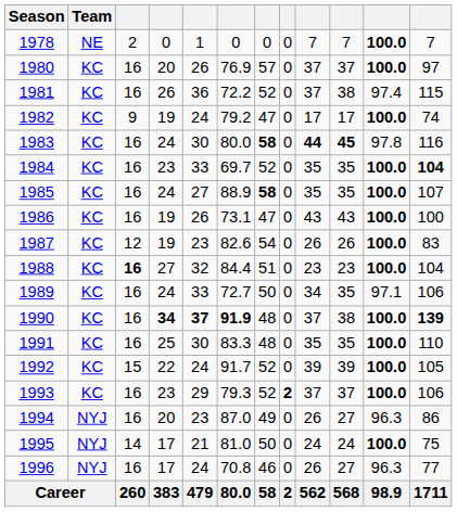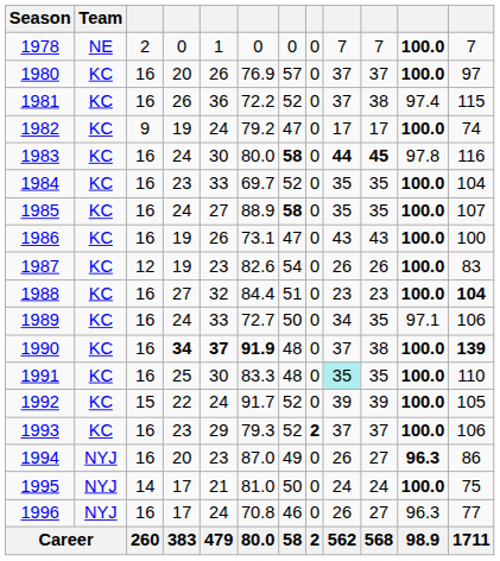 <table class="wikitable" style="text-align:center;">
 <tr>
 <th>Season</th>
 <th>Team</th>
 <th></th>
 <th></th>
 <th></th>
 <th></th>
 <th></th>
 <th></th>
 <th></th>
 <th></th>
 <th></th>
 <th></th>
 </tr>
 <tr>
 <td><a href='#'>1978</a></td>
 <td><a href='#'>NE</a></td>
 <td>2</td>
 <td>0</td>
 <td>1</td>
 <td>0</td>
 <td>0</td>
 <td>0</td>
 <td>7</td>
 <td>7</td>
 <td><strong>100.0</strong></td>
 <td>7</td>
 </tr>
 <tr>
 <td><a href='#'>1980</a></td>
 <td><a href='#'>KC</a></td>
 <td>16</td>
 <td>20</td>
 <td>26</td>
 <td>76.9</td>
 <td>57</td>
 <td>0</td>
 <td>37</td>
 <td>37</td>
 <td><strong>100.0</strong></td>
 <td>97</td>
 </tr>
 <tr>
 <td><a href='#'>1981</a></td>
 <td><a href='#'>KC</a></td>
 <td>16</td>
 <td>26</td>
 <td>36</td>
 <td>72.2</td>
 <td>52</td>
 <td>0</td>
 <td>37</td>
 <td>38</td>
 <td>97.4</td>
 <td>115</td>
 </tr>
 <tr>
 <td><a href='#'>1982</a></td>
 <td><a href='#'>KC</a></td>
 <td>9</td>
 <td>19</td>
 <td>24</td>
 <td>79.2</td>
 <td>47</td>
 <td>0</td>
 <td>17</td>
 <td>17</td>
 <td><strong>100.0</strong></td>
 <td>74</td>
 </tr>
 <tr>
 <td><a href='#'>1983</a></td>
 <td><a href='#'>KC</a></td>
 <td>16</td>
 <td>24</td>
 <td>30</td>
 <td>80.0</td>
 <td><strong>58</strong></td>
 <td>0</td>
 <td><strong>44</strong></td>
 <td><strong>45</strong></td>
 <td>97.8</td>
 <td>116</td>
 </tr>
 <tr>
 <td><a href='#'>1984</a></td>
 <td><a href='#'>KC</a></td>
 <td>16</td>
 <td>23</td>
 <td>33</td>
 <td>69.7</td>
 <td>52</td>
 <td>0</td>
 <td>35</td>
 <td>35</td>
 <td><strong>100.0</strong></td>
-<td><strong>104</strong></td>
+<td>104</td>
 </tr>
 <tr>
 <td><a href='#'>1985</a></td>
 <td><a href='#'>KC</a></td>
 <td>16</td>
 <td>24</td>
 <td>27</td>
 <td>88.9</td>
 <td><strong>58</strong></td>
 <td>0</td>
 <td>35</td>
 <td>35</td>
 <td><strong>100.0</strong></td>
 <td>107</td>
 </tr>
 <tr>
 <td><a href='#'>1986</a></td>
 <td><a href='#'>KC</a></td>
 <td>16</td>
 <td>19</td>
 <td>26</td>
 <td>73.1</td>
 <td>47</td>
 <td>0</td>
 <td>43</td>
 <td>43</td>
 <td><strong>100.0</strong></td>
 <td>100</td>
 </tr>
 <tr>
 <td><a href='#'>1987</a></td>
 <td><a href='#'>KC</a></td>
 <td>12</td>
 <td>19</td>
 <td>23</td>
 <td>82.6</td>
 <td>54</td>
 <td>0</td>
 <td>26</td>
 <td>26</td>
 <td><strong>100.0</strong></td>
 <td>83</td>
 </tr>
 <tr>
 <td><a href='#'>1988</a></td>
 <td><a href='#'>KC</a></td>
-<td><strong>16</strong></td>
+<td>16</td>
 <td>27</td>
 <td>32</td>
 <td>84.4</td>
 <td>51</td>
 <td>0</td>
 <td>23</td>
 <td>23</td>
 <td><strong>100.0</strong></td>
-<td>104</td>
+<td><strong>104</strong></td>
 </tr>
 <tr>
 <td><a href='#'>1989</a></td>
 <td><a href='#'>KC</a></td>
 <td>16</td>
 <td>24</td>
 <td>33</td>
 <td>72.7</td>
 <td>50</td>
 <td>0</td>
 <td>34</td>
 <td>35</td>
 <td>97.1</td>
 <td>106</td>
 </tr>
 <tr>
 <td><a href='#'>1990</a></td>
 <td><a href='#'>KC</a></td>
 <td>16</td>
 <td><strong>34</strong></td>
 <td><strong>37</strong></td>
 <td><strong>91.9</strong></td>
 <td>48</td>
 <td>0</td>
 <td>37</td>
 <td>38</td>
 <td><strong>100.0</strong></td>
 <td><strong>139</strong></td>
 </tr>
 <tr>
 <td><a href='#'>1991</a></td>
 <td><a href='#'>KC</a></td>
 <td>16</td>
 <td>25</td>
 <td>30</td>
 <td>83.3</td>
 <td>48</td>
 <td>0</td>
-<td>35</td>
+<td style="background: paleturquoise;">35</td>
 <td>35</td>
 <td><strong>100.0</strong></td>
 <td>110</td>
 </tr>
 <tr>
 <td><a href='#'>1992</a></td>
 <td><a href='#'>KC</a></td>
 <td>15</td>
 <td>22</td>
 <td>24</td>
 <td>91.7</td>
 <td>52</td>
 <td>0</td>
 <td>39</td>
 <td>39</td>
 <td><strong>100.0</strong></td>
 <td>105</td>
 </tr>
 <tr>
 <td><a href='#'>1993</a></td>
 <td><a href='#'>KC</a></td>
 <td>16</td>
 <td>23</td>
 <td>29</td>
 <td>79.3</td>
 <td>52</td>
 <td><strong>2</strong></td>
 <td>37</td>
 <td>37</td>
 <td><strong>100.0</strong></td>
 <td>106</td>
 </tr>
 <tr>
 <td><a href='#'>1994</a></td>
 <td><a href='#'>NYJ</a></td>
 <td>16</td>
 <td>20</td>
 <td>23</td>
 <td>87.0</td>
 <td>49</td>
 <td>0</td>
 <td>26</td>
 <td>27</td>
-<td>96.3</td>
+<td><strong>96.3</strong></td>
 <td>86</td>
 </tr>
 <tr>
 <td><a href='#'>1995</a></td>
 <td><a href='#'>NYJ</a></td>
 <td>14</td>
 <td>17</td>
 <td>21</td>
 <td>81.0</td>
 <td>50</td>
 <td>0</td>
 <td>24</td>
 <td>24</td>
 <td><strong>100.0</strong></td>
 <td>75</td>
 </tr>
 <tr>
 <td><a href='#'>1996</a></td>
 <td><a href='#'>NYJ</a></td>
 <td>16</td>
 <td>17</td>
 <td>24</td>
 <td>70.8</td>
 <td>46</td>
 <td>0</td>
 <td>26</td>
 <td>27</td>
 <td>96.3</td>
 <td>77</td>
 </tr>
 <tr>
 <th colspan="2">Career</th>
 <th>260</th>
 <th>383</th>
 <th>479</th>
 <th>80.0</th>
 <th>58</th>
 <th>2</th>
 <th>562</th>
 <th>568</th>
 <th>98.9</th>
 <th>1711</th>
 </tr>
 </table>
